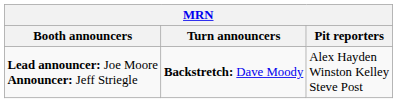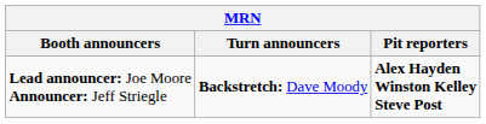 <table class="wikitable" style="font-size: 95%;">
 <tr>
 <th colspan="3"><a href='#'>MRN</a></th>
 </tr>
 <tr>
 <th>Booth announcers</th>
 <th>Turn announcers</th>
 <th>Pit reporters</th>
 </tr>
 <tr>
 <td><strong>Lead announcer:</strong> Joe Moore<br><strong>Announcer:</strong> Jeff Striegle<br></td>
 <td><strong>Backstretch:</strong> <a href='#'>Dave Moody</a></td>
-<td>Alex Hayden<br>Winston Kelley<br>Steve Post</td>
+<td><strong>Alex Hayden<br>Winston Kelley<br>Steve Post</strong></td>
 </tr>
 </table>
